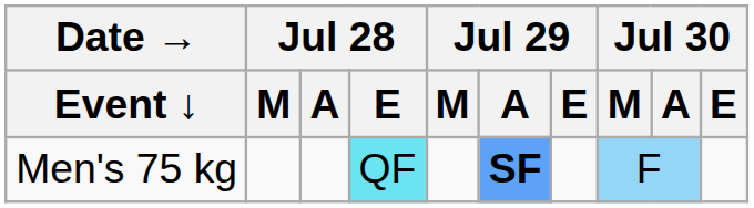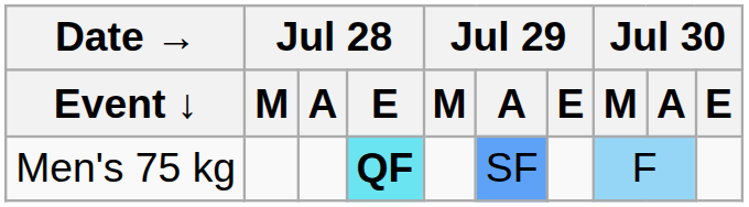 <table class="wikitable" style="margin:0.5em auto;">
 <tr>
 <th>Date →</th>
 <th colspan="3">Jul 28</th>
 <th colspan="3">Jul 29</th>
 <th colspan="3">Jul 30</th>
 </tr>
 <tr>
 <th>Event  ↓</th>
 <th>M</th>
 <th>A</th>
 <th>E</th>
 <th>M</th>
 <th>A</th>
 <th>E</th>
 <th>M</th>
 <th>A</th>
 <th>E</th>
 </tr>
 <tr>
 <td class="event">Men's 75 kg</td>
 <td></td>
 <td></td>
-<td bgcolor="#6be4f2" align=center>QF</td>
+<td bgcolor="#6be4f2" align=center><strong>QF</strong></td>
 <td></td>
-<td bgcolor="#5ea2f7" align=center><strong>SF</strong></td>
+<td bgcolor="#5ea2f7" align=center>SF</td>
 <td></td>
 <td colspan="2" bgcolor="#95d6f7" align=center>F</td>
 <td></td>
 </tr>
 </table>
